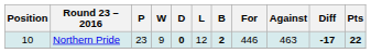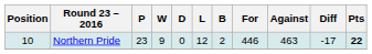 <table class="wikitable" style="text-align:center; font-size:85%;">
 <tr>
 <th width=40 abbr="Position">Position</th>
 <th width=100>Round 23 – 2016</th>
 <th width=20 abbr="Played">P</th>
 <th width=20 abbr="Won">W</th>
 <th width=20 abbr="Drawn">D</th>
 <th width=20 abbr="Lost">L</th>
 <th width=20 abbr="Bye">B</th>
 <th width=40 abbr="Points for">For</th>
 <th width=40 abbr="Points against">Against</th>
 <th width=40 abbr="Points difference">Diff</th>
 <th width=20 abbr="Points">Pts</th>
 </tr>
 <tr style="background: #d7ebed;">
 <td>10</td>
 <td style="text-align:left;"> <a href='#'>Northern Pride</a></td>
 <td>23</td>
 <td>9</td>
-<td><strong>0</strong></td>
+<td>0</td>
 <td>12</td>
-<td><strong>2</strong></td>
+<td>2</td>
 <td>446</td>
 <td>463</td>
-<td><strong>-17</strong></td>
+<td>-17</td>
 <td><strong>22</strong></td>
 </tr>
 <tr>
 </tr>
 </table>
